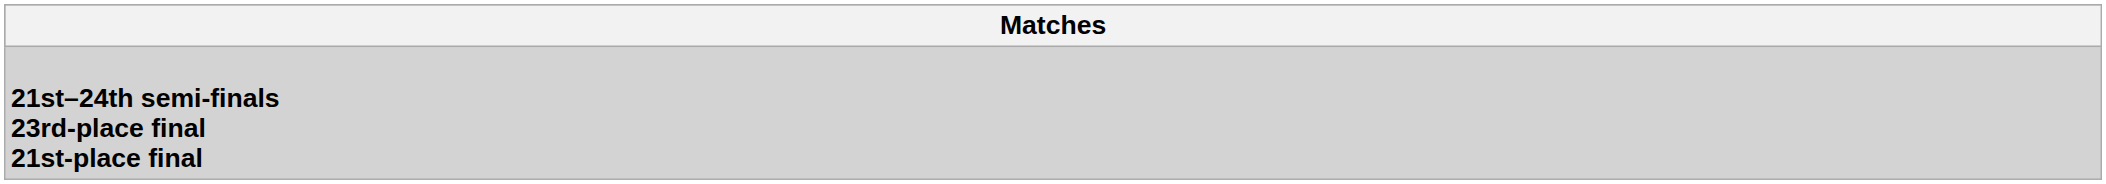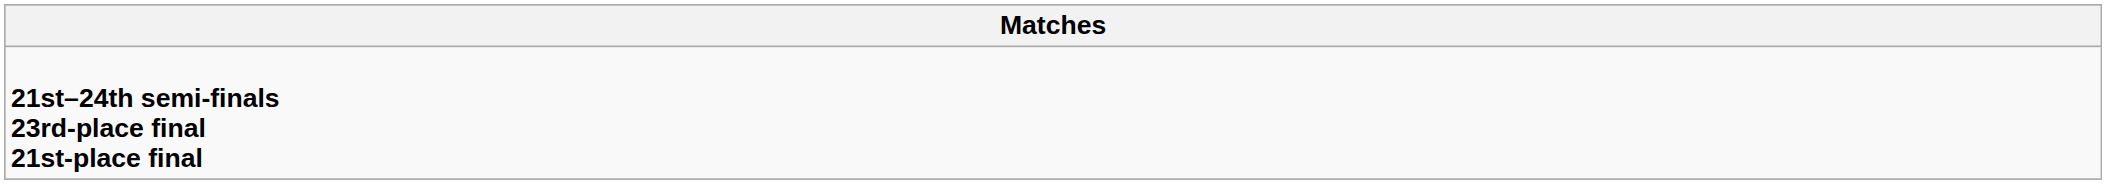 <table class="wikitable collapsible expanded" style="width:100%;">
 <tr>
 <th>Matches</th>
 </tr>
 <tr>
-<td style="background: lightgrey;"><br><strong>21st–24th semi-finals</strong>  <br><strong>23rd-place final</strong> <br><strong>21st-place final</strong> </td>
+<td><br><strong>21st–24th semi-finals</strong>  <br><strong>23rd-place final</strong> <br><strong>21st-place final</strong> </td>
 </tr>
 </table>
